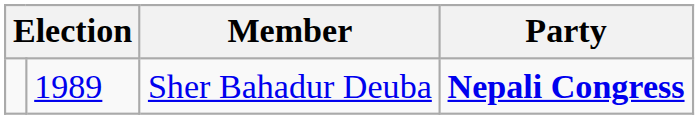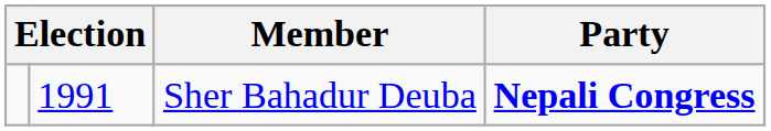 <table class="wikitable">
 <tr>
 <th colspan="2">Election</th>
 <th>Member</th>
 <th>Party</th>
 </tr>
 <tr>
 <td style="background-color:"></td>
-<td><a href='#'>1989</a></td>
+<td><a href='#'>1991</a></td>
 <td><a href='#'>Sher Bahadur Deuba</a></td>
 <td><strong><a href='#'>Nepali Congress</a></strong></td>
 </tr>
 </table>
